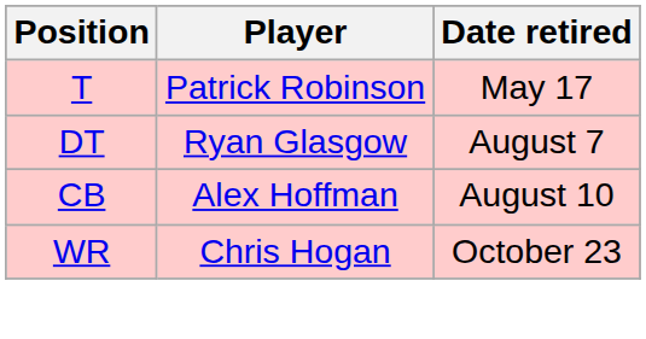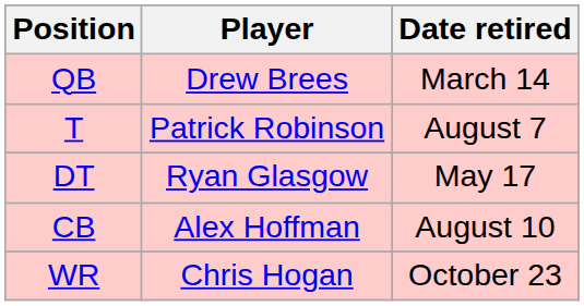 <table class="wikitable" style="text-align:center">
 <tr>
 <th>Position</th>
 <th>Player</th>
 <th>Date retired</th>
 </tr>
 <tr style="background:#fcc">
+<td><a href='#'>QB</a></td>
+<td><a href='#'>Drew Brees</a></td>
+<td>March 14</td>
+</tr>
+<tr style="background:#fcc">
 <td><a href='#'>T</a></td>
 <td><a href='#'>Patrick Robinson</a></td>
-<td>May 17</td>
+<td>August 7</td>
 </tr>
 <tr style="background:#fcc">
 <td><a href='#'>DT</a></td>
 <td><a href='#'>Ryan Glasgow</a></td>
-<td>August 7</td>
+<td>May 17</td>
 </tr>
 <tr style="background:#fcc">
 <td><a href='#'>CB</a></td>
 <td><a href='#'>Alex Hoffman</a></td>
 <td>August 10</td>
 </tr>
 <tr style="background:#fcc">
 <td><a href='#'>WR</a></td>
 <td><a href='#'>Chris Hogan</a></td>
 <td>October 23</td>
 </tr>
 </table>
